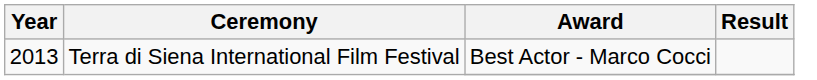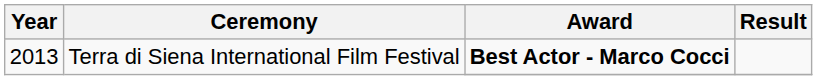 <table class="wikitable">
 <tr>
 <th>Year</th>
 <th>Ceremony</th>
 <th>Award</th>
 <th>Result</th>
 </tr>
 <tr>
 <td rowspan="4">2013</td>
 <td rowspan="2">Terra di Siena International Film Festival</td>
-<td>Best Actor - Marco Cocci</td>
+<td><strong>Best Actor - Marco Cocci</strong></td>
 <td></td>
 </tr>
 <tr>
 </tr>
 </table>
